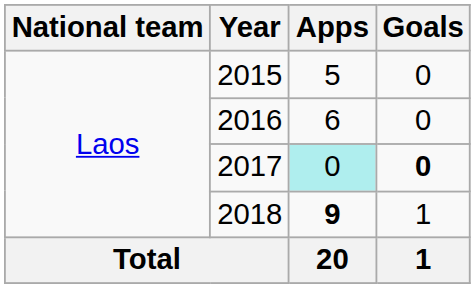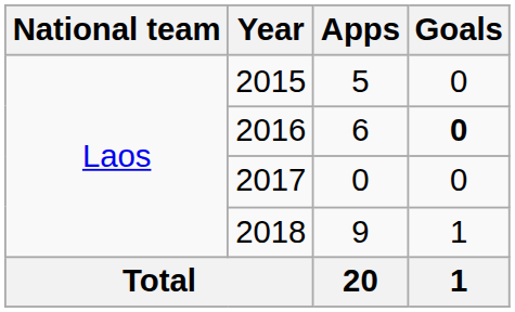 <table class="wikitable" style="text-align:center">
 <tr>
 <th>National team</th>
 <th>Year</th>
 <th>Apps</th>
 <th>Goals</th>
 </tr>
 <tr>
 <td rowspan="4"><a href='#'>Laos</a></td>
 <td>2015</td>
 <td>5</td>
 <td>0</td>
 </tr>
 <tr>
 <td>2016</td>
 <td>6</td>
+<td><strong>0</strong></td>
+</tr>
+<tr>
+<td>2017</td>
+<td>0</td>
 <td>0</td>
 </tr>
 <tr>
-<td>2017</td>
-<td style="background: paleturquoise;">0</td>
-<td><strong>0</strong></td>
-</tr>
-<tr>
 <td>2018</td>
-<td><strong>9</strong></td>
+<td>9</td>
 <td>1</td>
 </tr>
 <tr>
 <th colspan=2>Total</th>
 <th>20</th>
 <th>1</th>
 </tr>
 </table>
